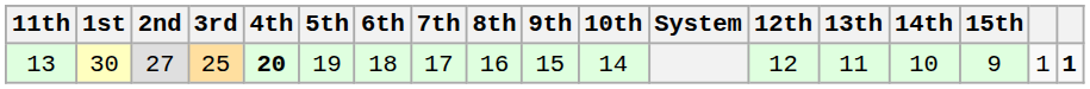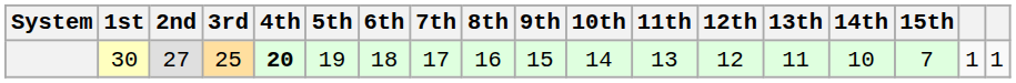 <table class="wikitable" style="font-size:85%; text-align:center;">
 <tr>
-<th>11th</th>
+<th>System</th>
 <th>1st</th>
 <th>2nd</th>
 <th>3rd</th>
 <th>4th</th>
 <th>5th</th>
 <th>6th</th>
 <th>7th</th>
 <th>8th</th>
 <th>9th</th>
 <th>10th</th>
-<th>System</th>
+<th>11th</th>
 <th>12th</th>
 <th>13th</th>
 <th>14th</th>
 <th>15th</th>
 <th></th>
 <th></th>
 </tr>
 <tr>
-<td style="background:#dfffdf;">13</td>
+<th></th>
 <td style="background:#ffffbf;">30</td>
 <td style="background:#dfdfdf;">27</td>
 <td style="background:#ffdf9f;">25</td>
 <td style="background:#dfffdf;"><strong>20</strong></td>
 <td style="background:#dfffdf;">19</td>
 <td style="background:#dfffdf;">18</td>
 <td style="background:#dfffdf;">17</td>
 <td style="background:#dfffdf;">16</td>
 <td style="background:#dfffdf;">15</td>
 <td style="background:#dfffdf;">14</td>
-<th></th>
+<td style="background:#dfffdf;">13</td>
 <td style="background:#dfffdf;">12</td>
 <td style="background:#dfffdf;">11</td>
 <td style="background:#dfffdf;">10</td>
-<td style="background:#dfffdf;">9</td>
+<td style="background:#dfffdf;">7</td>
 <td>1</td>
-<td><strong>1</strong></td>
+<td>1</td>
 </tr>
 </table>
